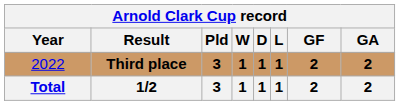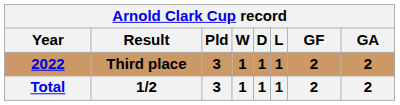 <table class="wikitable" style="text-align:center; ">
 <tr>
 <th colspan="8"> <strong><a href='#'>Arnold Clark Cup</a> record</strong></th>
 </tr>
 <tr>
 <th width="85">Year</th>
 <th width="110">Result</th>
 <th>Pld</th>
 <th>W</th>
 <th>D</th>
 <th>L</th>
 <th width="50">GF</th>
 <th width="50">GA</th>
 </tr>
 <tr style="background:#c96;">
-<td><a href='#'>2022</a></td>
+<td><strong><a href='#'>2022</a></strong></td>
 <td><strong>Third place</strong></td>
 <td><strong>3</strong></td>
 <td><strong>1</strong></td>
 <td><strong>1</strong></td>
 <td><strong>1</strong></td>
 <td><strong>2</strong></td>
 <td><strong>2</strong></td>
 </tr>
 <tr class="sortbottom" style="font-weight:bold;">
 <th><a href='#'>Total</a></th>
 <th>1/2</th>
 <th>3</th>
 <th>1</th>
 <th>1</th>
 <th>1</th>
 <th>2</th>
 <th>2</th>
 </tr>
 </table>
